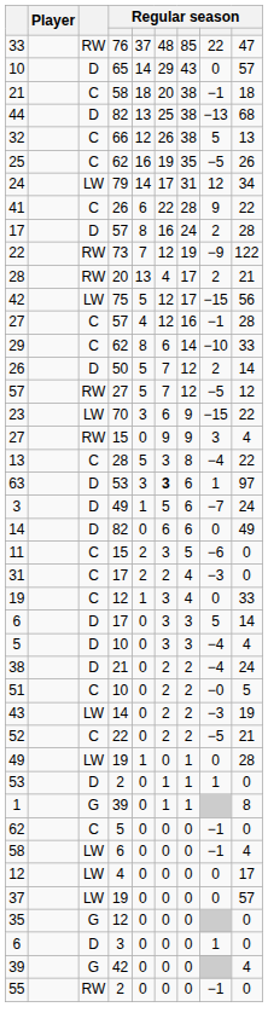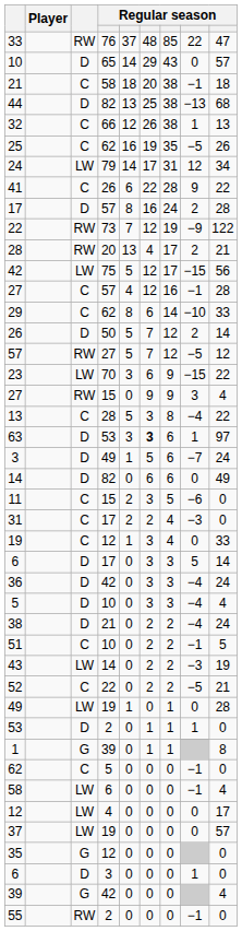 <table class="wikitable sortable plainrowheaders" style="text-align:center;">
 <tr>
 <th scope="col" data-sort-type="number" rowspan="2"></th>
 <th scope="col" rowspan="2">Player</th>
 <th scope="col" rowspan="2"></th>
 <th scope=colgroup colspan=6>Regular season</th>
 </tr>
 <tr>
 <th scope="col" data-sort-type="number"></th>
 <th scope="col" data-sort-type="number"></th>
 <th scope="col" data-sort-type="number"></th>
 <th scope="col" data-sort-type="number"></th>
 <th scope="col" data-sort-type="number"></th>
 <th scope="col" data-sort-type="number"></th>
 </tr>
 <tr>
 <td scope="row">33</td>
 <td align="left"></td>
 <td>RW</td>
 <td>76</td>
 <td>37</td>
 <td>48</td>
 <td>85</td>
 <td>22</td>
 <td>47</td>
 </tr>
 <tr>
 <td scope="row">10</td>
 <td align="left"></td>
 <td>D</td>
 <td>65</td>
 <td>14</td>
 <td>29</td>
 <td>43</td>
 <td>0</td>
 <td>57</td>
 </tr>
 <tr>
 <td scope="row">21</td>
 <td align="left"></td>
 <td>C</td>
 <td>58</td>
 <td>18</td>
 <td>20</td>
 <td>38</td>
 <td>−1</td>
 <td>18</td>
 </tr>
 <tr>
 <td scope="row">44</td>
 <td align="left"></td>
 <td>D</td>
 <td>82</td>
 <td>13</td>
 <td>25</td>
 <td>38</td>
 <td>−13</td>
 <td>68</td>
 </tr>
 <tr>
 <td scope="row">32</td>
 <td align="left"></td>
 <td>C</td>
 <td>66</td>
 <td>12</td>
 <td>26</td>
 <td>38</td>
-<td>5</td>
+<td>1</td>
 <td>13</td>
 </tr>
 <tr>
 <td scope="row">25</td>
 <td align="left"></td>
 <td>C</td>
 <td>62</td>
 <td>16</td>
 <td>19</td>
 <td>35</td>
 <td>−5</td>
 <td>26</td>
 </tr>
 <tr>
 <td scope="row">24</td>
 <td align="left"></td>
 <td>LW</td>
 <td>79</td>
 <td>14</td>
 <td>17</td>
 <td>31</td>
 <td>12</td>
 <td>34</td>
 </tr>
 <tr>
 <td scope="row">41</td>
 <td align="left"></td>
 <td>C</td>
 <td>26</td>
 <td>6</td>
 <td>22</td>
 <td>28</td>
 <td>9</td>
 <td>22</td>
 </tr>
 <tr>
 <td scope="row">17</td>
 <td align="left"></td>
 <td>D</td>
 <td>57</td>
 <td>8</td>
 <td>16</td>
 <td>24</td>
 <td>2</td>
 <td>28</td>
 </tr>
 <tr>
 <td scope="row">22</td>
 <td align="left"></td>
 <td>RW</td>
 <td>73</td>
 <td>7</td>
 <td>12</td>
 <td>19</td>
 <td>−9</td>
 <td>122</td>
 </tr>
 <tr>
 <td scope="row">28</td>
 <td align="left"></td>
 <td>RW</td>
 <td>20</td>
 <td>13</td>
 <td>4</td>
 <td>17</td>
 <td>2</td>
 <td>21</td>
 </tr>
 <tr>
 <td scope="row">42</td>
 <td align="left"></td>
 <td>LW</td>
 <td>75</td>
 <td>5</td>
 <td>12</td>
 <td>17</td>
 <td>−15</td>
 <td>56</td>
 </tr>
 <tr>
 <td scope="row">27</td>
 <td align="left"></td>
 <td>C</td>
 <td>57</td>
 <td>4</td>
 <td>12</td>
 <td>16</td>
 <td>−1</td>
 <td>28</td>
 </tr>
 <tr>
 <td scope="row">29</td>
 <td align="left"></td>
 <td>C</td>
 <td>62</td>
 <td>8</td>
 <td>6</td>
 <td>14</td>
 <td>−10</td>
 <td>33</td>
 </tr>
 <tr>
 <td scope="row">26</td>
 <td align="left"></td>
 <td>D</td>
 <td>50</td>
 <td>5</td>
 <td>7</td>
 <td>12</td>
 <td>2</td>
 <td>14</td>
 </tr>
 <tr>
 <td scope="row">57</td>
 <td align="left"></td>
 <td>RW</td>
 <td>27</td>
 <td>5</td>
 <td>7</td>
 <td>12</td>
 <td>−5</td>
 <td>12</td>
 </tr>
 <tr>
 <td scope="row">23</td>
 <td align="left"></td>
 <td>LW</td>
 <td>70</td>
 <td>3</td>
 <td>6</td>
 <td>9</td>
 <td>−15</td>
 <td>22</td>
 </tr>
 <tr>
 <td scope="row">27</td>
 <td align="left"></td>
 <td>RW</td>
 <td>15</td>
 <td>0</td>
 <td>9</td>
 <td>9</td>
 <td>3</td>
 <td>4</td>
 </tr>
 <tr>
 <td scope="row">13</td>
 <td align="left"></td>
 <td>C</td>
 <td>28</td>
 <td>5</td>
 <td>3</td>
 <td>8</td>
 <td>−4</td>
 <td>22</td>
 </tr>
 <tr>
 <td scope="row">63</td>
 <td align="left"></td>
 <td>D</td>
 <td>53</td>
 <td>3</td>
 <td><strong>3</strong></td>
 <td>6</td>
 <td>1</td>
 <td>97</td>
 </tr>
 <tr>
 <td scope="row">3</td>
 <td align="left"></td>
 <td>D</td>
 <td>49</td>
 <td>1</td>
 <td>5</td>
 <td>6</td>
 <td>−7</td>
 <td>24</td>
 </tr>
 <tr>
 <td scope="row">14</td>
 <td align="left"></td>
 <td>D</td>
 <td>82</td>
 <td>0</td>
 <td>6</td>
 <td>6</td>
 <td>0</td>
 <td>49</td>
 </tr>
 <tr>
 <td scope="row">11</td>
 <td align="left"></td>
 <td>C</td>
 <td>15</td>
 <td>2</td>
 <td>3</td>
 <td>5</td>
 <td>−6</td>
 <td>0</td>
 </tr>
 <tr>
 <td scope="row">31</td>
 <td align="left"></td>
 <td>C</td>
 <td>17</td>
 <td>2</td>
 <td>2</td>
 <td>4</td>
 <td>−3</td>
 <td>0</td>
 </tr>
 <tr>
 <td scope="row">19</td>
 <td align="left"></td>
 <td>C</td>
 <td>12</td>
 <td>1</td>
 <td>3</td>
 <td>4</td>
 <td>0</td>
 <td>33</td>
 </tr>
 <tr>
 <td scope="row">6</td>
 <td align="left"></td>
 <td>D</td>
 <td>17</td>
 <td>0</td>
 <td>3</td>
 <td>3</td>
 <td>5</td>
 <td>14</td>
 </tr>
 <tr>
+<td scope="row">36</td>
+<td align="left"></td>
+<td>D</td>
+<td>42</td>
+<td>0</td>
+<td>3</td>
+<td>3</td>
+<td>−4</td>
+<td>24</td>
+</tr>
+<tr>
 <td scope="row">5</td>
 <td align="left"></td>
 <td>D</td>
 <td>10</td>
 <td>0</td>
 <td>3</td>
 <td>3</td>
 <td>−4</td>
 <td>4</td>
 </tr>
 <tr>
 <td scope="row">38</td>
 <td align="left"></td>
 <td>D</td>
 <td>21</td>
 <td>0</td>
 <td>2</td>
 <td>2</td>
 <td>−4</td>
 <td>24</td>
 </tr>
 <tr>
 <td scope="row">51</td>
 <td align="left"></td>
 <td>C</td>
 <td>10</td>
 <td>0</td>
 <td>2</td>
 <td>2</td>
-<td>−0</td>
+<td>−1</td>
 <td>5</td>
 </tr>
 <tr>
 <td scope="row">43</td>
 <td align="left"></td>
 <td>LW</td>
 <td>14</td>
 <td>0</td>
 <td>2</td>
 <td>2</td>
 <td>−3</td>
 <td>19</td>
 </tr>
 <tr>
 <td scope="row">52</td>
 <td align="left"></td>
 <td>C</td>
 <td>22</td>
 <td>0</td>
 <td>2</td>
 <td>2</td>
 <td>−5</td>
 <td>21</td>
 </tr>
 <tr>
 <td scope="row">49</td>
 <td align="left"></td>
 <td>LW</td>
 <td>19</td>
 <td>1</td>
 <td>0</td>
 <td>1</td>
 <td>0</td>
 <td>28</td>
 </tr>
 <tr>
 <td scope="row">53</td>
 <td align="left"></td>
 <td>D</td>
 <td>2</td>
 <td>0</td>
 <td>1</td>
 <td>1</td>
 <td>1</td>
 <td>0</td>
 </tr>
 <tr>
 <td scope="row">1</td>
 <td align="left"></td>
 <td>G</td>
 <td>39</td>
 <td>0</td>
 <td>1</td>
 <td>1</td>
 <td style="background:#ccc"></td>
 <td>8</td>
 </tr>
 <tr>
 <td scope="row">62</td>
 <td align="left"></td>
 <td>C</td>
 <td>5</td>
 <td>0</td>
 <td>0</td>
 <td>0</td>
 <td>−1</td>
 <td>0</td>
 </tr>
 <tr>
 <td scope="row">58</td>
 <td align="left"></td>
 <td>LW</td>
 <td>6</td>
 <td>0</td>
 <td>0</td>
 <td>0</td>
 <td>−1</td>
 <td>4</td>
 </tr>
 <tr>
 <td scope="row">12</td>
 <td align="left"></td>
 <td>LW</td>
 <td>4</td>
 <td>0</td>
 <td>0</td>
 <td>0</td>
 <td>0</td>
 <td>17</td>
 </tr>
 <tr>
 <td scope="row">37</td>
 <td align="left"></td>
 <td>LW</td>
 <td>19</td>
 <td>0</td>
 <td>0</td>
 <td>0</td>
 <td>0</td>
 <td>57</td>
 </tr>
 <tr>
 <td scope="row">35</td>
 <td align="left"></td>
 <td>G</td>
 <td>12</td>
 <td>0</td>
 <td>0</td>
 <td>0</td>
 <td style="background:#ccc"></td>
 <td>0</td>
 </tr>
 <tr>
 <td scope="row">6</td>
 <td align="left"></td>
 <td>D</td>
 <td>3</td>
 <td>0</td>
 <td>0</td>
 <td>0</td>
 <td>1</td>
 <td>0</td>
 </tr>
 <tr>
 <td scope="row">39</td>
 <td align="left"></td>
 <td>G</td>
 <td>42</td>
 <td>0</td>
 <td>0</td>
 <td>0</td>
 <td style="background:#ccc"></td>
 <td>4</td>
 </tr>
 <tr>
 <td scope="row">55</td>
 <td align="left"></td>
 <td>RW</td>
 <td>2</td>
 <td>0</td>
 <td>0</td>
 <td>0</td>
 <td>−1</td>
 <td>0</td>
 </tr>
 </table>
